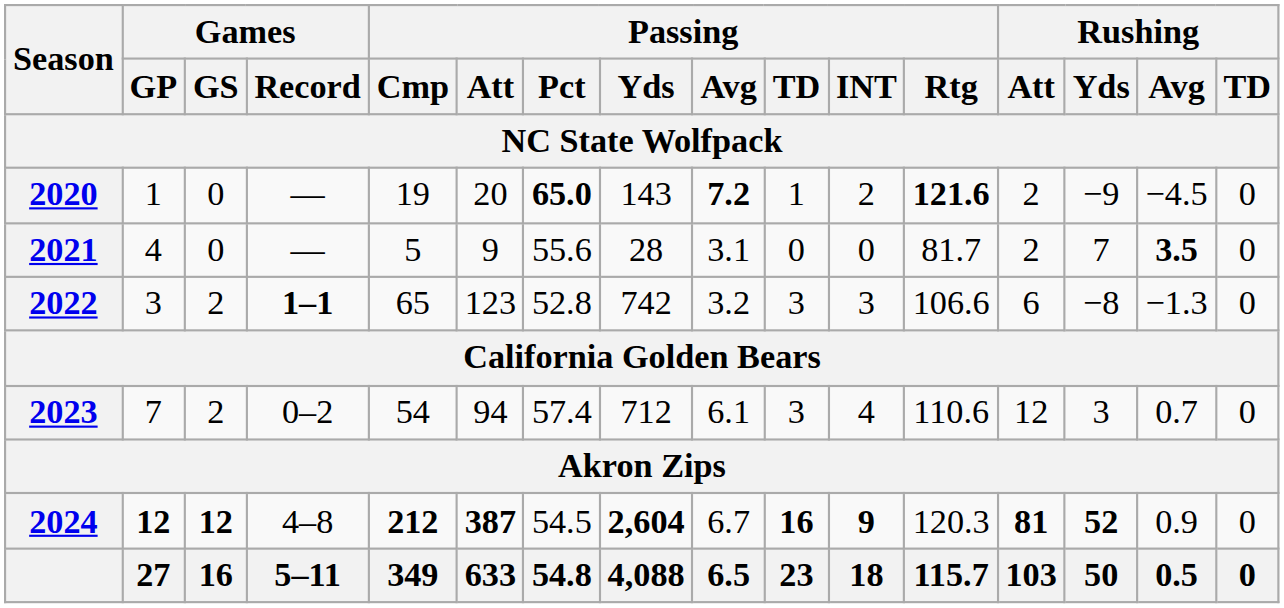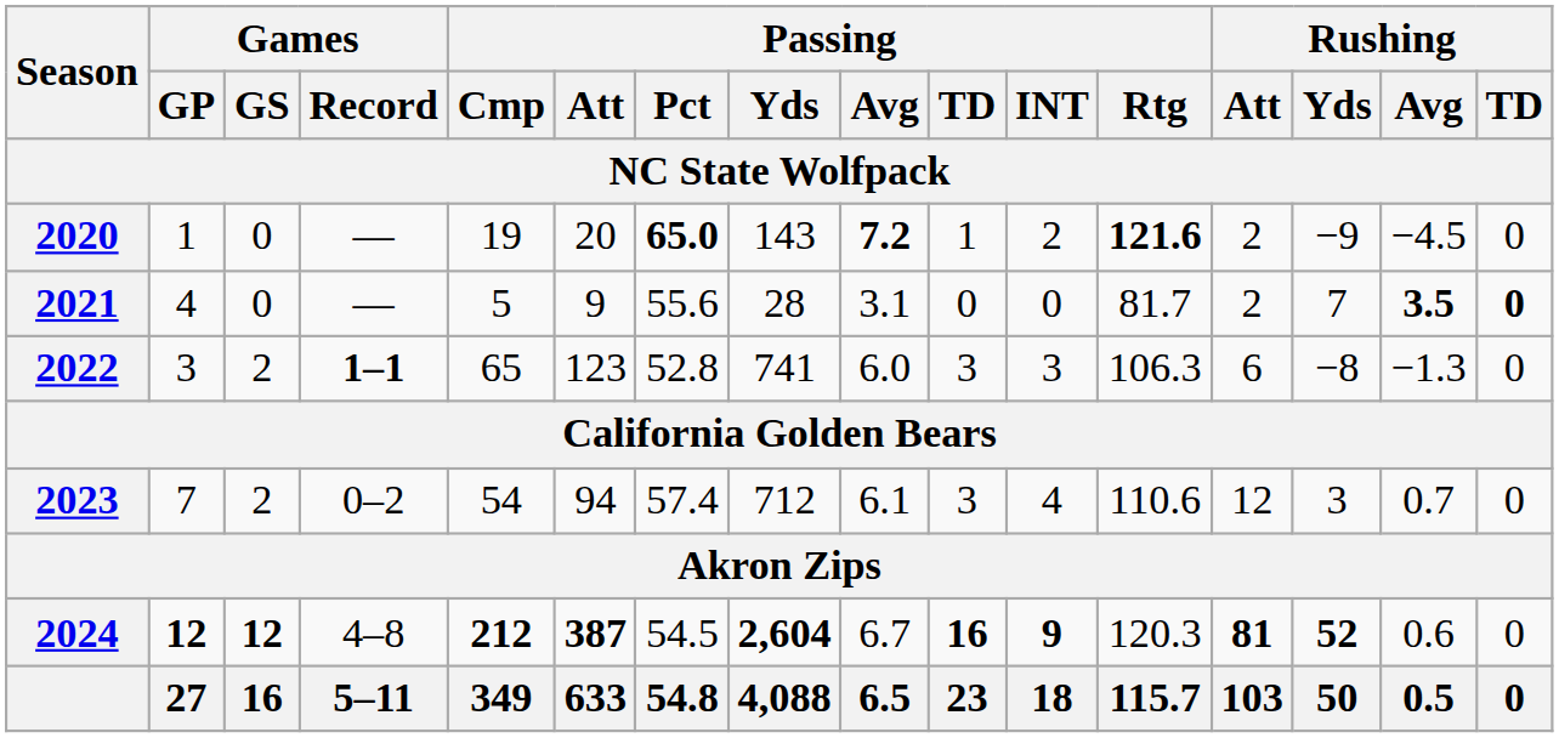 <table class="wikitable" style="text-align:center;">
 <tr>
 <th rowspan="2">Season</th>
 <th colspan="3">Games</th>
 <th colspan="8">Passing</th>
 <th colspan="4">Rushing</th>
 </tr>
 <tr>
 <th>GP</th>
 <th>GS</th>
 <th>Record</th>
 <th>Cmp</th>
 <th>Att</th>
 <th>Pct</th>
 <th>Yds</th>
 <th>Avg</th>
 <th>TD</th>
 <th>INT</th>
 <th>Rtg</th>
 <th>Att</th>
 <th>Yds</th>
 <th>Avg</th>
 <th>TD</th>
 </tr>
 <tr>
 <th colspan="16">NC State Wolfpack</th>
 </tr>
 <tr>
 <th><a href='#'>2020</a></th>
 <td>1</td>
 <td>0</td>
 <td>—</td>
 <td>19</td>
 <td>20</td>
 <td><strong>65.0</strong></td>
 <td>143</td>
 <td><strong>7.2</strong></td>
 <td>1</td>
 <td>2</td>
 <td><strong>121.6</strong></td>
 <td>2</td>
 <td>−9</td>
 <td>−4.5</td>
 <td>0</td>
 </tr>
 <tr>
 <th><a href='#'>2021</a></th>
 <td>4</td>
 <td>0</td>
 <td>—</td>
 <td>5</td>
 <td>9</td>
 <td>55.6</td>
 <td>28</td>
 <td>3.1</td>
 <td>0</td>
 <td>0</td>
 <td>81.7</td>
 <td>2</td>
 <td>7</td>
 <td><strong>3.5</strong></td>
-<td>0</td>
+<td><strong>0</strong></td>
 </tr>
 <tr>
 <th><a href='#'>2022</a></th>
 <td>3</td>
 <td>2</td>
 <td><strong>1–1</strong></td>
 <td>65</td>
 <td>123</td>
 <td>52.8</td>
-<td>742</td>
-<td>3.2</td>
+<td>741</td>
+<td>6.0</td>
 <td>3</td>
 <td>3</td>
-<td>106.6</td>
+<td>106.3</td>
 <td>6</td>
 <td>−8</td>
 <td>−1.3</td>
 <td>0</td>
 </tr>
 <tr>
 <th colspan="16">California Golden Bears</th>
 </tr>
 <tr>
 <th><a href='#'>2023</a></th>
 <td>7</td>
 <td>2</td>
 <td>0–2</td>
 <td>54</td>
 <td>94</td>
 <td>57.4</td>
 <td>712</td>
 <td>6.1</td>
 <td>3</td>
 <td>4</td>
 <td>110.6</td>
 <td>12</td>
 <td>3</td>
 <td>0.7</td>
 <td>0</td>
 </tr>
 <tr>
 <th colspan="16">Akron Zips</th>
 </tr>
 <tr>
 <th><a href='#'>2024</a></th>
 <td><strong>12</strong></td>
 <td><strong>12</strong></td>
 <td>4–8</td>
 <td><strong>212</strong></td>
 <td><strong>387</strong></td>
 <td>54.5</td>
 <td><strong>2,604</strong></td>
 <td>6.7</td>
 <td><strong>16</strong></td>
 <td><strong>9</strong></td>
 <td>120.3</td>
 <td><strong>81</strong></td>
 <td><strong>52</strong></td>
-<td>0.9</td>
+<td>0.6</td>
 <td>0</td>
 </tr>
 <tr>
 <th></th>
 <th>27</th>
 <th>16</th>
 <th>5–11</th>
 <th>349</th>
 <th>633</th>
 <th>54.8</th>
 <th>4,088</th>
 <th>6.5</th>
 <th>23</th>
 <th>18</th>
 <th>115.7</th>
 <th>103</th>
 <th>50</th>
 <th>0.5</th>
 <th>0</th>
 </tr>
 </table>
